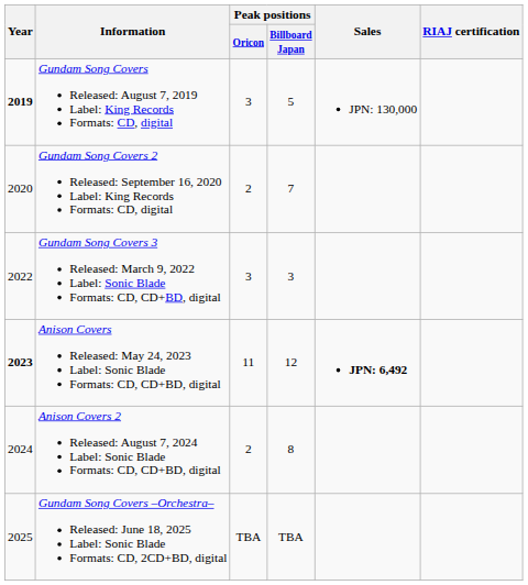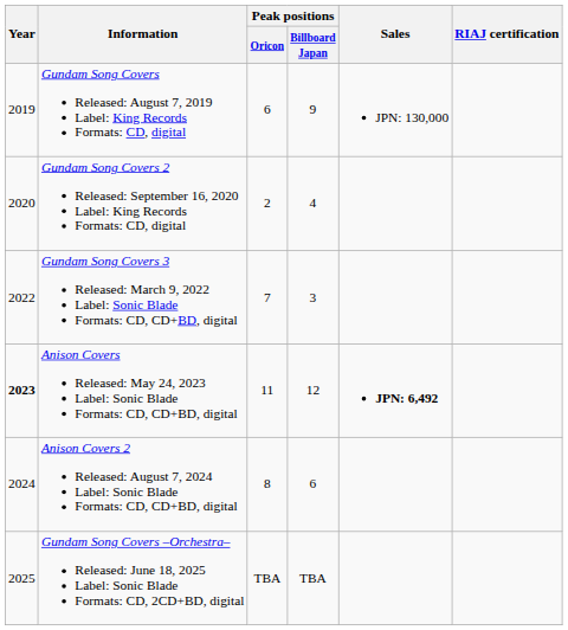 <table class="wikitable">
 <tr>
 <th rowspan="2">Year</th>
 <th rowspan="2">Information</th>
 <th colspan="2">Peak positions</th>
 <th rowspan="2">Sales<br></th>
 <th rowspan="2"><a href='#'>RIAJ</a> certification</th>
 </tr>
 <tr>
 <th><small><a href='#'>Oricon</a></small><br></th>
 <th><small><a href='#'>Billboard<br>Japan</a></small><br></th>
 </tr>
 <tr>
-<td><strong>2019</strong></td>
+<td>2019</td>
 <td><em><a href='#'>Gundam Song Covers</a></em><br><ul><li>Released: August 7, 2019</li><li>Label: <a href='#'>King Records</a></li><li>Formats: <a href='#'>CD</a>, <a href='#'>digital</a></li></ul></td>
-<td style="text-align:center;">3</td>
-<td style="text-align:center;">5</td>
+<td style="text-align:center;">6</td>
+<td style="text-align:center;">9</td>
 <td align="left"><br><ul><li>JPN: 130,000</li></ul></td>
 <td align="left"></td>
 </tr>
 <tr>
 <td>2020</td>
 <td><em><a href='#'>Gundam Song Covers 2</a></em><br><ul><li>Released: September 16, 2020</li><li>Label: King Records</li><li>Formats: CD, digital</li></ul></td>
 <td style="text-align:center;">2</td>
-<td style="text-align:center;">7</td>
+<td style="text-align:center;">4</td>
 <td align="left"></td>
 <td align="left"></td>
 </tr>
 <tr>
 <td>2022</td>
 <td><em><a href='#'>Gundam Song Covers 3</a></em><br><ul><li>Released: March 9, 2022</li><li>Label: <a href='#'>Sonic Blade</a></li><li>Formats: CD, CD+<a href='#'>BD</a>, digital</li></ul></td>
-<td style="text-align:center;">3</td>
+<td style="text-align:center;">7</td>
 <td style="text-align:center;">3</td>
 <td align="left"></td>
 <td align="left"></td>
 </tr>
 <tr>
 <td><strong>2023</strong></td>
 <td><em><a href='#'>Anison Covers</a></em><br><ul><li>Released: May 24, 2023</li><li>Label: Sonic Blade</li><li>Formats: CD, CD+BD, digital</li></ul></td>
 <td style="text-align:center;">11</td>
 <td style="text-align:center;">12</td>
 <td align="left"><strong><br><ul><li>JPN: 6,492</li></ul></strong></td>
 <td align="left"></td>
 </tr>
 <tr>
 <td>2024</td>
 <td><em><a href='#'>Anison Covers 2</a></em><br><ul><li>Released: August 7, 2024</li><li>Label: Sonic Blade</li><li>Formats: CD, CD+BD, digital</li></ul></td>
-<td style="text-align:center;">2</td>
 <td style="text-align:center;">8</td>
+<td style="text-align:center;">6</td>
 <td align="left"></td>
 <td align="left"></td>
 </tr>
 <tr>
 <td>2025</td>
 <td><em><a href='#'>Gundam Song Covers –Orchestra–</a></em><br><ul><li>Released: June 18, 2025</li><li>Label: Sonic Blade</li><li>Formats: CD, 2CD+BD, digital</li></ul></td>
 <td style="text-align:center;">TBA</td>
 <td style="text-align:center;">TBA</td>
 <td align="left"></td>
 <td align="left"></td>
 </tr>
 </table>
